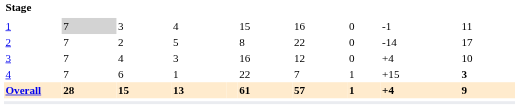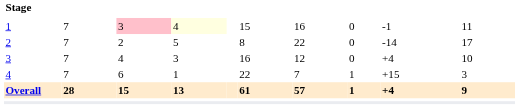 <table class="toccolours" border=0 cellpadding="2" cellspacing="0" style="font-size:95%; text-align:left; width:700px;">
 <tr align="left" style="background:#">
 <th style="width:75px">Stage</th>
 <th></th>
 <th></th>
 <th></th>
 <th></th>
 <th></th>
 <th></th>
 <th></th>
 <th></th>
 <th></th>
 </tr>
 <tr>
 <td colspan = "10"></td>
 </tr>
 <tr>
 </tr>
 <tr style="">
 <td><a href='#'>1</a></td>
-<td style="background: lightgrey;">7</td>
-<td>3</td>
-<td>4</td>
+<td>7</td>
+<td style="background: pink;">3</td>
+<td style="background: lightyellow;">4</td>
 <td></td>
 <td>15</td>
 <td>16</td>
 <td>0</td>
 <td>-1</td>
 <td>11</td>
 </tr>
 <tr>
 <td><a href='#'>2</a></td>
 <td>7</td>
 <td>2</td>
 <td>5</td>
 <td></td>
 <td>8</td>
 <td>22</td>
 <td>0</td>
 <td>-14</td>
 <td>17</td>
 </tr>
 <tr>
 <td><a href='#'>3</a></td>
 <td>7</td>
 <td>4</td>
 <td>3</td>
 <td></td>
 <td>16</td>
 <td>12</td>
 <td>0</td>
 <td>+4</td>
 <td>10</td>
 </tr>
 <tr>
 <td><a href='#'>4</a></td>
 <td>7</td>
 <td>6</td>
 <td>1</td>
 <td></td>
 <td>22</td>
 <td>7</td>
 <td>1</td>
 <td>+15</td>
-<td><strong>3</strong></td>
+<td>3</td>
 </tr>
 <tr style="background-color:#ffebcd;">
 <th><a href='#'>Overall</a></th>
 <th>28</th>
 <th>15</th>
 <th>13</th>
 <th></th>
 <th>61</th>
 <th>57</th>
 <th>1</th>
 <th>+4</th>
 <th>9</th>
 </tr>
 <tr>
 <td colspan="10"></td>
 </tr>
 <tr align="left" style="background:#EAECF0; color:#000;">
 <td colspan="10" style="text-align:center;"> </td>
 </tr>
 </table>
